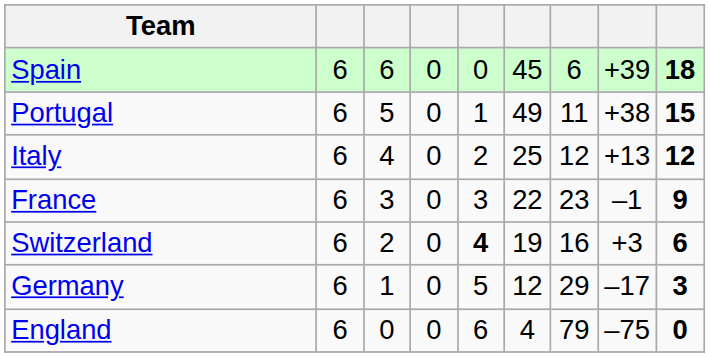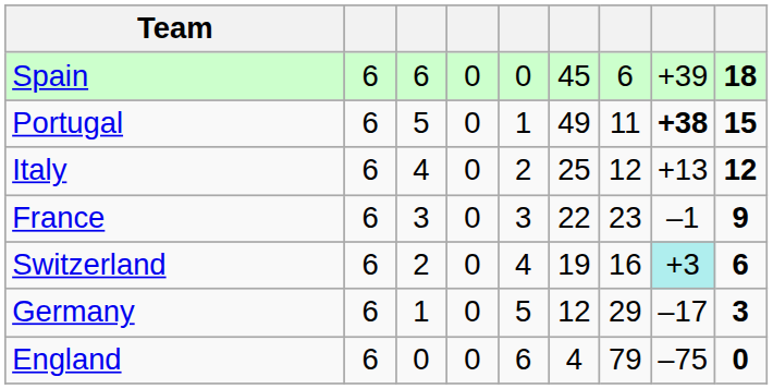 <table class="wikitable" style="text-align:center;">
 <tr>
 <th width="175">Team</th>
 <th width="20"></th>
 <th width="20"></th>
 <th width="20"></th>
 <th width="20"></th>
 <th width="20"></th>
 <th width="20"></th>
 <th width="20"></th>
 <th width="20"></th>
 </tr>
 <tr bgcolor=#ccffcc>
 <td align=left> <a href='#'>Spain</a></td>
 <td>6</td>
 <td>6</td>
 <td>0</td>
 <td>0</td>
 <td>45</td>
 <td>6</td>
 <td>+39</td>
 <td><strong>18</strong></td>
 </tr>
 <tr>
 <td align=left> <a href='#'>Portugal</a></td>
 <td>6</td>
 <td>5</td>
 <td>0</td>
 <td>1</td>
 <td>49</td>
 <td>11</td>
-<td>+38</td>
+<td><strong>+38</strong></td>
 <td><strong>15</strong></td>
 </tr>
 <tr>
 <td align=left> <a href='#'>Italy</a></td>
 <td>6</td>
 <td>4</td>
 <td>0</td>
 <td>2</td>
 <td>25</td>
 <td>12</td>
 <td>+13</td>
 <td><strong>12</strong></td>
 </tr>
 <tr>
 <td align=left> <a href='#'>France</a></td>
 <td>6</td>
 <td>3</td>
 <td>0</td>
 <td>3</td>
 <td>22</td>
 <td>23</td>
 <td>–1</td>
 <td><strong>9</strong></td>
 </tr>
 <tr>
 <td align=left> <a href='#'>Switzerland</a></td>
 <td>6</td>
 <td>2</td>
 <td>0</td>
-<td><strong>4</strong></td>
+<td>4</td>
 <td>19</td>
 <td>16</td>
-<td>+3</td>
+<td style="background: paleturquoise;">+3</td>
 <td><strong>6</strong></td>
 </tr>
 <tr>
 <td align=left> <a href='#'>Germany</a></td>
 <td>6</td>
 <td>1</td>
 <td>0</td>
 <td>5</td>
 <td>12</td>
 <td>29</td>
 <td>–17</td>
 <td><strong>3</strong></td>
 </tr>
 <tr>
 <td align=left> <a href='#'>England</a></td>
 <td>6</td>
 <td>0</td>
 <td>0</td>
 <td>6</td>
 <td>4</td>
 <td>79</td>
 <td>–75</td>
 <td><strong>0</strong></td>
 </tr>
 </table>
